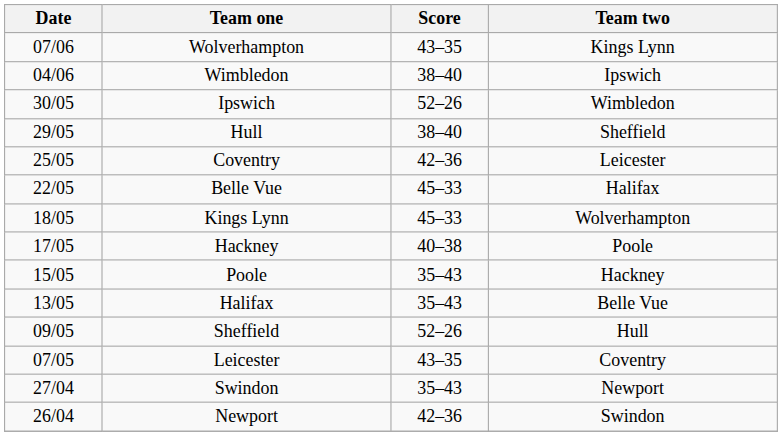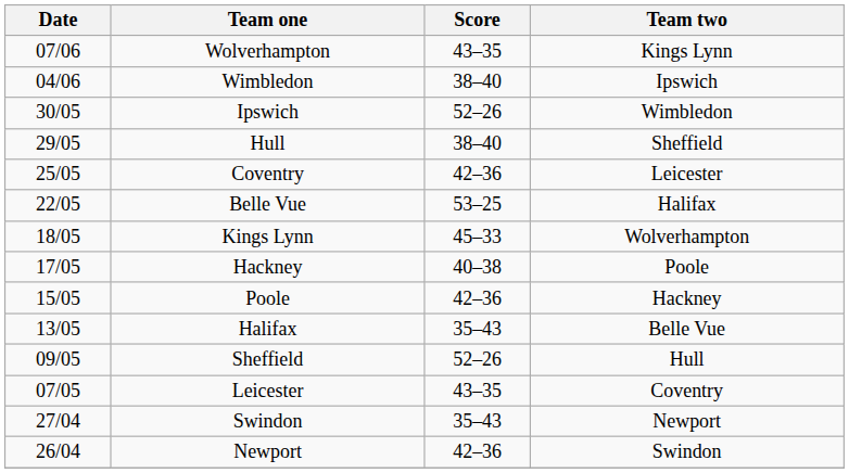 <table class="wikitable" style="text-align: center">
 <tr>
 <th width=80>Date</th>
 <th width=250>Team one</th>
 <th width=80>Score</th>
 <th width=250>Team two</th>
 </tr>
 <tr>
 <td>07/06</td>
 <td>Wolverhampton</td>
 <td>43–35</td>
 <td>Kings Lynn</td>
 </tr>
 <tr>
 <td>04/06</td>
 <td>Wimbledon</td>
 <td>38–40</td>
 <td>Ipswich</td>
 </tr>
 <tr>
 <td>30/05</td>
 <td>Ipswich</td>
 <td>52–26</td>
 <td>Wimbledon</td>
 </tr>
 <tr>
 <td>29/05</td>
 <td>Hull</td>
 <td>38–40</td>
 <td>Sheffield</td>
 </tr>
 <tr>
 <td>25/05</td>
 <td>Coventry</td>
 <td>42–36</td>
 <td>Leicester</td>
 </tr>
 <tr>
 <td>22/05</td>
 <td>Belle Vue</td>
-<td>45–33</td>
+<td>53–25</td>
 <td>Halifax</td>
 </tr>
 <tr>
 <td>18/05</td>
 <td>Kings Lynn</td>
 <td>45–33</td>
 <td>Wolverhampton</td>
 </tr>
 <tr>
 <td>17/05</td>
 <td>Hackney</td>
 <td>40–38</td>
 <td>Poole</td>
 </tr>
 <tr>
 <td>15/05</td>
 <td>Poole</td>
-<td>35–43</td>
+<td>42–36</td>
 <td>Hackney</td>
 </tr>
 <tr>
 <td>13/05</td>
 <td>Halifax</td>
 <td>35–43</td>
 <td>Belle Vue</td>
 </tr>
 <tr>
 <td>09/05</td>
 <td>Sheffield</td>
 <td>52–26</td>
 <td>Hull</td>
 </tr>
 <tr>
 <td>07/05</td>
 <td>Leicester</td>
 <td>43–35</td>
 <td>Coventry</td>
 </tr>
 <tr>
 <td>27/04</td>
 <td>Swindon</td>
 <td>35–43</td>
 <td>Newport</td>
 </tr>
 <tr>
 <td>26/04</td>
 <td>Newport</td>
 <td>42–36</td>
 <td>Swindon</td>
 </tr>
 <tr>
 </tr>
 <tr ||Exeter	||bye		||Reading>
 </tr>
 </table>
